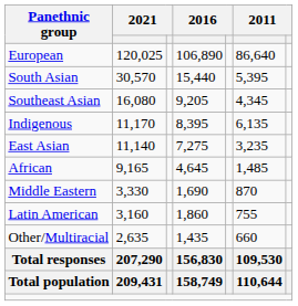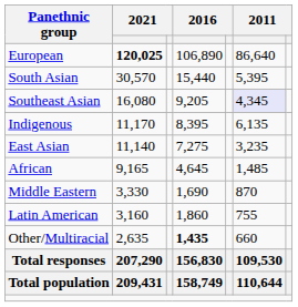 <table class="wikitable collapsible sortable">
 <tr>
 <th rowspan="2"><a href='#'>Panethnic</a><br>group</th>
 <th colspan="2">2021</th>
 <th colspan="2">2016</th>
 <th colspan="2">2011</th>
 </tr>
 <tr>
 <th><a href='#'></a></th>
 <th></th>
 <th></th>
 <th></th>
 <th></th>
 <th></th>
 </tr>
 <tr>
 <td><a href='#'>European</a></td>
-<td>120,025</td>
+<td><strong>120,025</strong></td>
 <td></td>
 <td>106,890</td>
 <td></td>
 <td>86,640</td>
 <td></td>
 </tr>
 <tr>
 <td><a href='#'>South Asian</a></td>
 <td>30,570</td>
 <td></td>
 <td>15,440</td>
 <td></td>
 <td>5,395</td>
 <td></td>
 </tr>
 <tr>
 <td><a href='#'>Southeast Asian</a></td>
 <td>16,080</td>
 <td></td>
 <td>9,205</td>
 <td></td>
-<td>4,345</td>
+<td style="background: lavender;">4,345</td>
 <td></td>
 </tr>
 <tr>
 <td><a href='#'>Indigenous</a></td>
 <td>11,170</td>
 <td></td>
 <td>8,395</td>
 <td></td>
 <td>6,135</td>
 <td></td>
 </tr>
 <tr>
 <td><a href='#'>East Asian</a></td>
 <td>11,140</td>
 <td></td>
 <td>7,275</td>
 <td></td>
 <td>3,235</td>
 <td></td>
 </tr>
 <tr>
 <td><a href='#'>African</a></td>
 <td>9,165</td>
 <td></td>
 <td>4,645</td>
 <td></td>
 <td>1,485</td>
 <td></td>
 </tr>
 <tr>
 <td><a href='#'>Middle Eastern</a></td>
 <td>3,330</td>
 <td></td>
 <td>1,690</td>
 <td></td>
 <td>870</td>
 <td></td>
 </tr>
 <tr>
 <td><a href='#'>Latin American</a></td>
 <td>3,160</td>
 <td></td>
 <td>1,860</td>
 <td></td>
 <td>755</td>
 <td></td>
 </tr>
 <tr>
 <td>Other/<a href='#'>Multiracial</a></td>
 <td>2,635</td>
 <td></td>
-<td>1,435</td>
+<td><strong>1,435</strong></td>
 <td></td>
 <td>660</td>
 <td></td>
 </tr>
 <tr>
 <th>Total responses</th>
 <th>207,290</th>
 <th></th>
 <th>156,830</th>
 <th></th>
 <th>109,530</th>
 <th></th>
 </tr>
 <tr>
 <th>Total population</th>
 <th>209,431</th>
 <th></th>
 <th>158,749</th>
 <th></th>
 <th>110,644</th>
 <th></th>
 </tr>
 <tr class="sortbottom">
 <td colspan="15"></td>
 </tr>
 </table>
